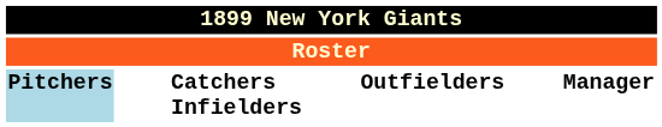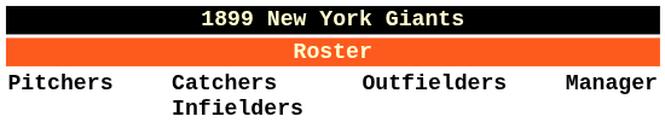 <table class="toccolours" style="font-size: 95%;">
 <tr>
 <th colspan="10" style="background-color: black; color: #FFFDD0; text-align: center;">1899 New York Giants</th>
 </tr>
 <tr>
 <td colspan="10" style="background-color: #fd5a1e; color: #FFFDD0; text-align: center;"><strong>Roster</strong></td>
 </tr>
 <tr>
-<td valign="top" style="background: lightblue;"><strong>Pitchers</strong><br>          </td>
+<td valign="top"><strong>Pitchers</strong><br>          </td>
 <td width="25px"></td>
 <td valign="top"><strong>Catchers</strong><br>    <strong>Infielders</strong>           </td>
 <td width="25px"></td>
 <td valign="top"><strong>Outfielders</strong><br>      </td>
 <td width="25px"></td>
 <td valign="top"><strong>Manager</strong><br> </td>
 </tr>
 </table>
